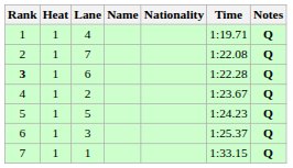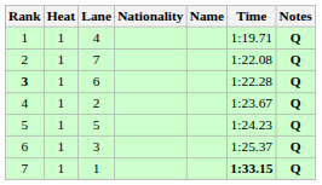 <table class="wikitable sortable" style="text-align:center">
 <tr>
 <th>Rank</th>
 <th>Heat</th>
 <th>Lane</th>
+<th>Nationality</th>
 <th>Name</th>
-<th>Nationality</th>
 <th>Time</th>
 <th>Notes</th>
 </tr>
 <tr bgcolor=ccffcc>
 <td>1</td>
 <td>1</td>
 <td>4</td>
 <td align=left></td>
 <td align=left></td>
 <td>1:19.71</td>
 <td><strong>Q</strong></td>
 </tr>
 <tr bgcolor=ccffcc>
 <td>2</td>
 <td>1</td>
 <td>7</td>
 <td align=left></td>
 <td align=left></td>
 <td>1:22.08</td>
 <td><strong>Q</strong></td>
 </tr>
 <tr bgcolor=ccffcc>
 <td><strong>3</strong></td>
 <td>1</td>
 <td>6</td>
 <td align=left></td>
 <td align=left></td>
 <td>1:22.28</td>
 <td><strong>Q</strong></td>
 </tr>
 <tr bgcolor=ccffcc>
 <td>4</td>
 <td>1</td>
 <td>2</td>
 <td align=left></td>
 <td align=left></td>
 <td>1:23.67</td>
 <td><strong>Q</strong></td>
 </tr>
 <tr bgcolor=ccffcc>
 <td>5</td>
 <td>1</td>
 <td>5</td>
 <td align=left></td>
 <td align=left></td>
 <td>1:24.23</td>
 <td><strong>Q</strong></td>
 </tr>
 <tr bgcolor=ccffcc>
 <td>6</td>
 <td>1</td>
 <td>3</td>
 <td align=left></td>
 <td align=left></td>
 <td>1:25.37</td>
 <td><strong>Q</strong></td>
 </tr>
 <tr bgcolor=ccffcc>
 <td>7</td>
 <td>1</td>
 <td>1</td>
 <td align=left></td>
 <td align=left></td>
-<td>1:33.15</td>
+<td><strong>1:33.15</strong></td>
 <td><strong>Q</strong></td>
 </tr>
 </table>
